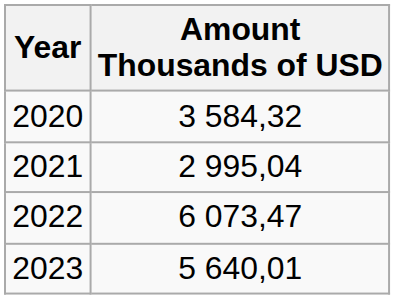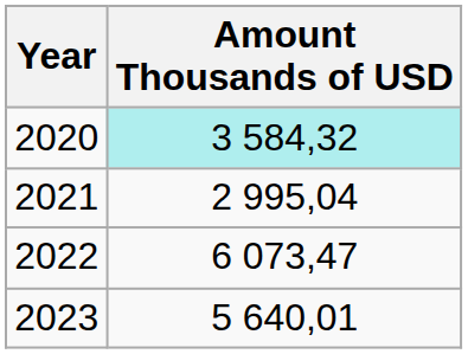 <table class="wikitable" style="text-align:center;">
 <tr>
 <th>Year</th>
 <th>Amount<br>Thousands of USD</th>
 </tr>
 <tr>
 <td>2020</td>
-<td>3 584,32</td>
+<td style="background: paleturquoise;">3 584,32</td>
 </tr>
 <tr>
 <td>2021</td>
 <td>2 995,04 </td>
 </tr>
 <tr>
 <td>2022</td>
 <td>6 073,47 </td>
 </tr>
 <tr>
 <td>2023</td>
 <td>5 640,01 </td>
 </tr>
 </table>
